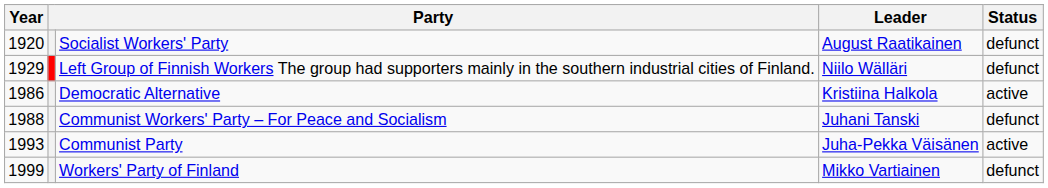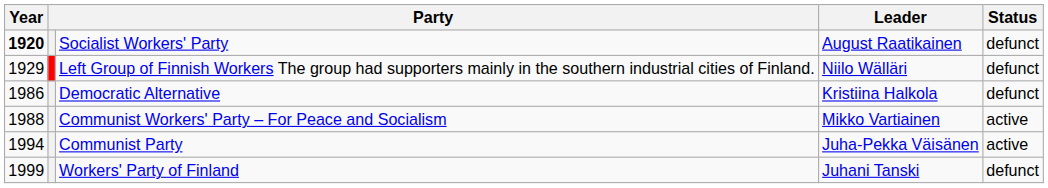 <table class="sortable wikitable" style="font-size: 95%;">
 <tr>
 <th>Year</th>
 <th colspan=2>Party</th>
 <th>Leader</th>
 <th>Status</th>
 </tr>
 <tr>
-<td>1920</td>
+<td><strong>1920</strong></td>
 <th style="background-color: "></th>
 <td><a href='#'>Socialist Workers' Party</a></td>
 <td><a href='#'>August Raatikainen</a></td>
 <td>defunct</td>
 </tr>
 <tr>
 <td>1929</td>
 <th style="background-color: red"></th>
 <td><a href='#'>Left Group of Finnish Workers</a> The group had supporters mainly in the southern industrial cities of Finland.</td>
 <td><a href='#'>Niilo Wälläri</a></td>
 <td>defunct</td>
 </tr>
 <tr>
 <td>1986</td>
 <th style="background-color: "></th>
 <td><a href='#'>Democratic Alternative</a></td>
 <td><a href='#'>Kristiina Halkola</a></td>
-<td>active</td>
+<td>defunct</td>
 </tr>
 <tr>
 <td>1988</td>
 <th style="background-color: "></th>
 <td><a href='#'>Communist Workers' Party – For Peace and Socialism</a></td>
-<td><a href='#'>Juhani Tanski</a></td>
-<td>defunct</td>
+<td><a href='#'>Mikko Vartiainen</a></td>
+<td>active</td>
 </tr>
 <tr>
-<td>1993</td>
+<td>1994</td>
 <th style="background-color: "></th>
 <td><a href='#'>Communist Party</a></td>
 <td><a href='#'>Juha-Pekka Väisänen</a></td>
 <td>active</td>
 </tr>
 <tr>
 <td>1999</td>
 <th style="background-color: "></th>
 <td><a href='#'>Workers' Party of Finland</a></td>
-<td><a href='#'>Mikko Vartiainen</a></td>
+<td><a href='#'>Juhani Tanski</a></td>
 <td>defunct</td>
 </tr>
 </table>
